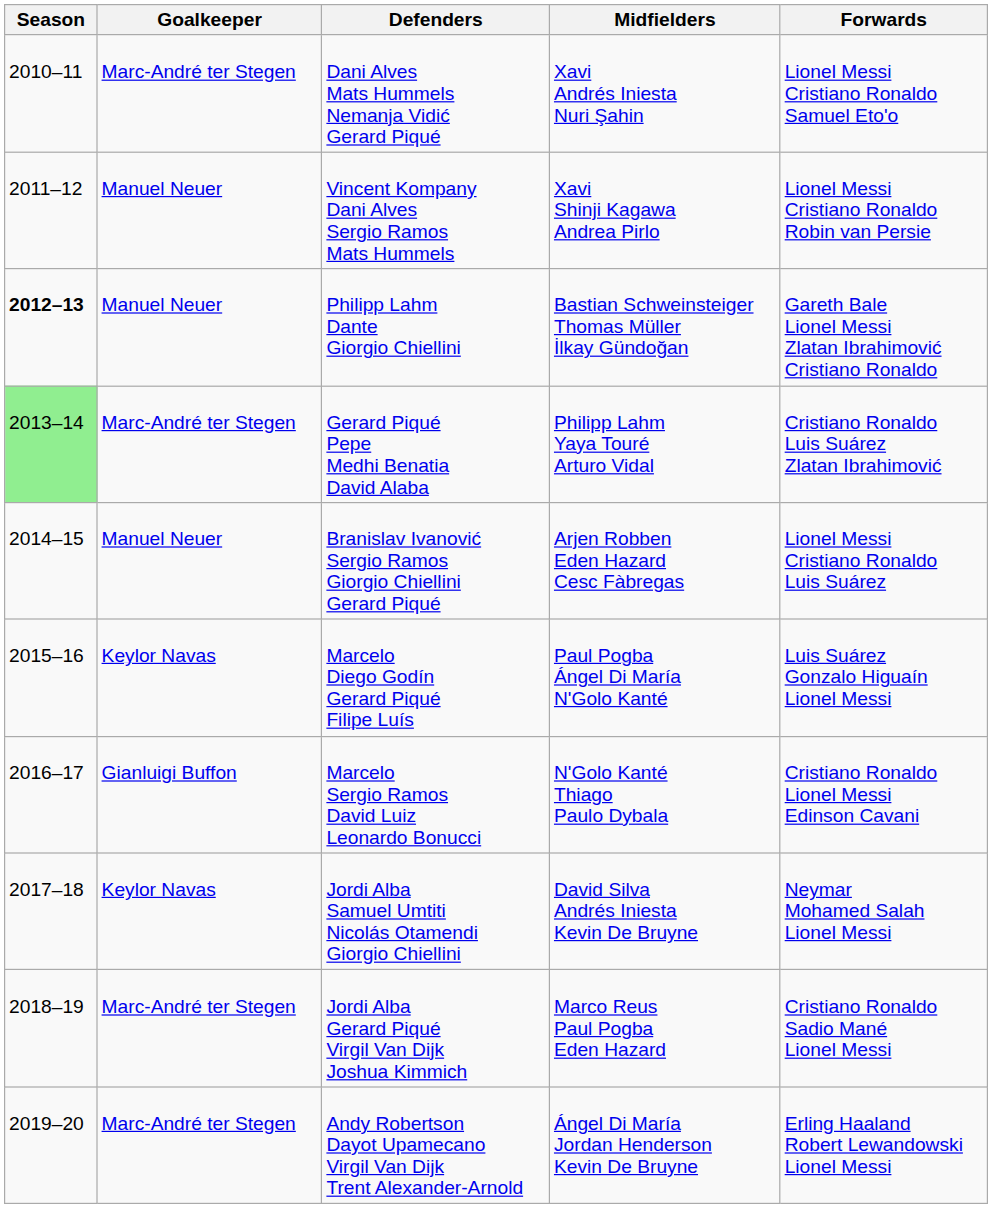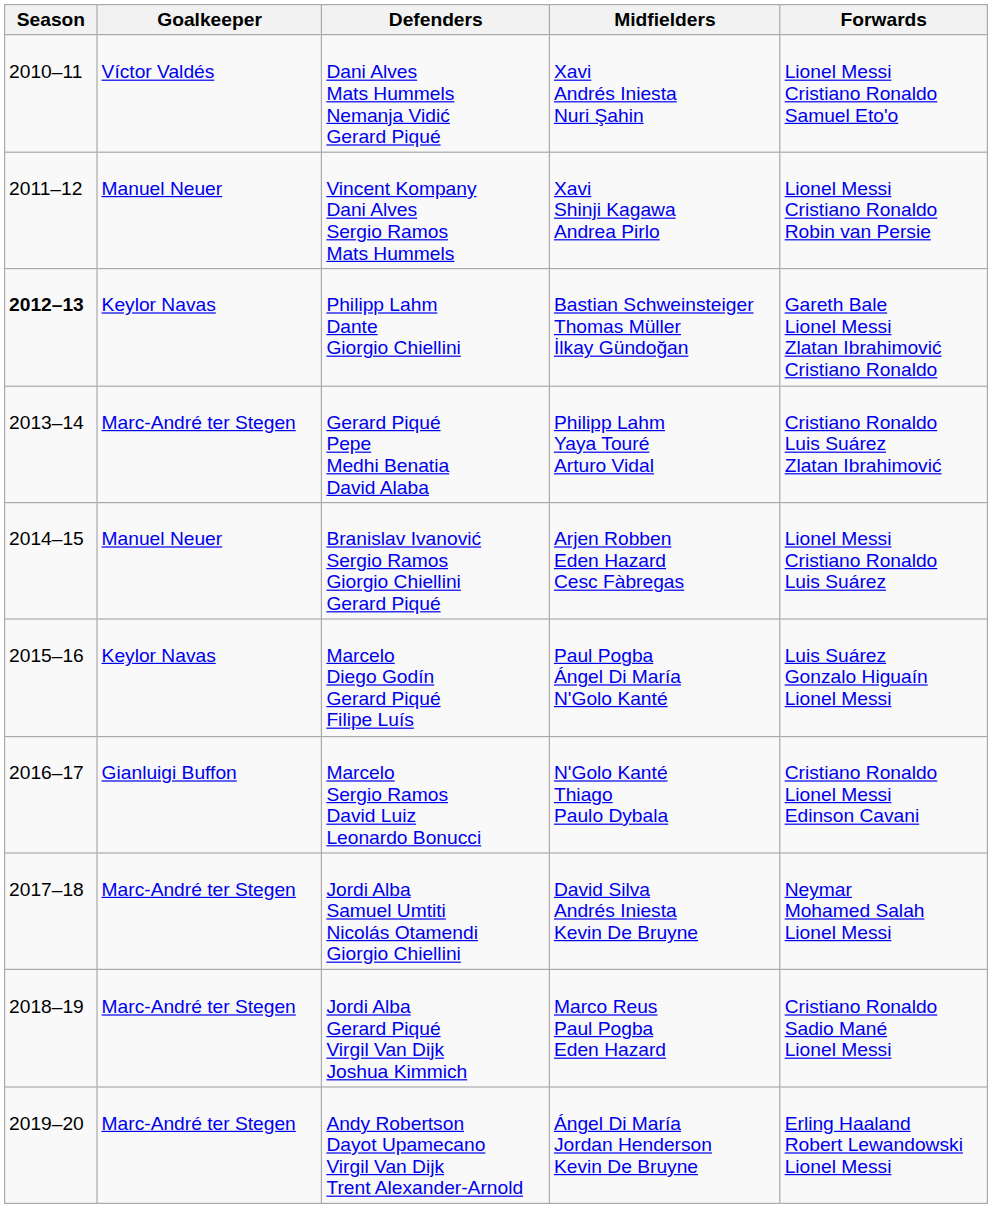 <table class="wikitable" width="820">
 <tr>
 <th>Season</th>
 <th>Goalkeeper</th>
 <th>Defenders</th>
 <th>Midfielders</th>
 <th>Forwards</th>
 </tr>
 <tr>
 <td valign=top><br>2010–11</td>
-<td valign=top><br> <a href='#'>Marc-André ter Stegen</a></td>
+<td valign=top><br> <a href='#'>Víctor Valdés</a></td>
 <td valign=top><br> <a href='#'>Dani Alves</a><br>  <a href='#'>Mats Hummels</a><br>  <a href='#'>Nemanja Vidić</a><br>  <a href='#'>Gerard Piqué</a></td>
 <td valign=top><br> <a href='#'>Xavi</a><br>  <a href='#'>Andrés Iniesta</a><br>  <a href='#'>Nuri Şahin</a></td>
 <td valign=top><br> <a href='#'>Lionel Messi</a><br>  <a href='#'>Cristiano Ronaldo</a><br>  <a href='#'>Samuel Eto'o</a></td>
 </tr>
 <tr>
 <td valign=top><br>2011–12</td>
 <td valign=top><br> <a href='#'>Manuel Neuer</a></td>
 <td valign=top><br> <a href='#'>Vincent Kompany</a><br>  <a href='#'>Dani Alves</a><br>  <a href='#'>Sergio Ramos</a><br>  <a href='#'>Mats Hummels</a></td>
 <td valign=top><br> <a href='#'>Xavi</a><br>  <a href='#'>Shinji Kagawa</a><br>  <a href='#'>Andrea Pirlo</a></td>
 <td valign=top><br> <a href='#'>Lionel Messi</a><br>  <a href='#'>Cristiano Ronaldo</a><br>  <a href='#'>Robin van Persie</a></td>
 </tr>
 <tr>
 <td valign=top><strong><br>2012–13</strong></td>
-<td valign=top><br> <a href='#'>Manuel Neuer</a></td>
+<td valign=top><br> <a href='#'>Keylor Navas</a></td>
 <td valign=top><br> <a href='#'>Philipp Lahm</a><br>  <a href='#'>Dante</a><br>  <a href='#'>Giorgio Chiellini</a></td>
 <td valign=top><br> <a href='#'>Bastian Schweinsteiger</a><br>  <a href='#'>Thomas Müller</a><br>  <a href='#'>İlkay Gündoğan</a></td>
 <td valign=top><br> <a href='#'>Gareth Bale</a><br>  <a href='#'>Lionel Messi</a><br>  <a href='#'>Zlatan Ibrahimović</a><br>  <a href='#'>Cristiano Ronaldo</a></td>
 </tr>
 <tr>
-<td valign=top style="background: lightgreen;"><br>2013–14</td>
+<td valign=top><br>2013–14</td>
 <td valign=top><br> <a href='#'>Marc-André ter Stegen</a></td>
 <td valign=top><br> <a href='#'>Gerard Piqué</a><br>  <a href='#'>Pepe</a><br>  <a href='#'>Medhi Benatia</a><br>  <a href='#'>David Alaba</a></td>
 <td valign=top><br> <a href='#'>Philipp Lahm</a><br>  <a href='#'>Yaya Touré</a><br>  <a href='#'>Arturo Vidal</a></td>
 <td valign=top><br> <a href='#'>Cristiano Ronaldo</a><br>  <a href='#'>Luis Suárez</a><br>  <a href='#'>Zlatan Ibrahimović</a></td>
 </tr>
 <tr>
 <td valign=top><br>2014–15</td>
 <td valign=top><br> <a href='#'>Manuel Neuer</a></td>
 <td valign=top><br> <a href='#'>Branislav Ivanović</a><br>  <a href='#'>Sergio Ramos</a><br>  <a href='#'>Giorgio Chiellini</a><br>  <a href='#'>Gerard Piqué</a></td>
 <td valign=top><br> <a href='#'>Arjen Robben</a><br>  <a href='#'>Eden Hazard</a><br>  <a href='#'>Cesc Fàbregas</a></td>
 <td valign=top><br> <a href='#'>Lionel Messi</a><br>  <a href='#'>Cristiano Ronaldo</a><br>  <a href='#'>Luis Suárez</a></td>
 </tr>
 <tr>
 <td valign=top><br>2015–16</td>
 <td valign=top><br> <a href='#'>Keylor Navas</a></td>
 <td valign=top><br> <a href='#'>Marcelo</a><br>  <a href='#'>Diego Godín</a><br>  <a href='#'>Gerard Piqué</a><br>  <a href='#'>Filipe Luís</a></td>
 <td valign=top><br> <a href='#'>Paul Pogba</a><br>  <a href='#'>Ángel Di María</a><br>  <a href='#'>N'Golo Kanté</a></td>
 <td valign=top><br> <a href='#'>Luis Suárez</a><br>  <a href='#'>Gonzalo Higuaín</a><br>  <a href='#'>Lionel Messi</a></td>
 </tr>
 <tr>
 <td valign=top><br>2016–17</td>
 <td valign=top><br> <a href='#'>Gianluigi Buffon</a></td>
 <td valign=top><br> <a href='#'>Marcelo</a><br>  <a href='#'>Sergio Ramos</a><br>  <a href='#'>David Luiz</a><br>  <a href='#'>Leonardo Bonucci</a></td>
 <td valign=top><br> <a href='#'>N'Golo Kanté</a><br>  <a href='#'>Thiago</a><br>  <a href='#'>Paulo Dybala</a><br></td>
 <td valign=top><br> <a href='#'>Cristiano Ronaldo</a><br>  <a href='#'>Lionel Messi</a><br>  <a href='#'>Edinson Cavani</a></td>
 </tr>
 <tr>
 <td valign=top><br>2017–18</td>
-<td valign=top><br> <a href='#'>Keylor Navas</a></td>
+<td valign=top><br> <a href='#'>Marc-André ter Stegen</a></td>
 <td valign=top><br> <a href='#'>Jordi Alba</a><br>  <a href='#'>Samuel Umtiti</a><br>  <a href='#'>Nicolás Otamendi</a><br>  <a href='#'>Giorgio Chiellini</a></td>
 <td valign=top><br> <a href='#'>David Silva</a><br>  <a href='#'>Andrés Iniesta</a><br>  <a href='#'>Kevin De Bruyne</a></td>
 <td valign=top><br> <a href='#'>Neymar</a><br>  <a href='#'>Mohamed Salah</a><br>  <a href='#'>Lionel Messi</a></td>
 </tr>
 <tr>
 <td valign=top><br>2018–19</td>
 <td valign=top><br> <a href='#'>Marc-André ter Stegen</a></td>
 <td valign=top><br> <a href='#'>Jordi Alba</a><br>  <a href='#'>Gerard Piqué</a><br>  <a href='#'>Virgil Van Dijk</a><br>  <a href='#'>Joshua Kimmich</a></td>
 <td valign=top><br> <a href='#'>Marco Reus</a><br> <a href='#'>Paul Pogba</a><br> <a href='#'>Eden Hazard</a></td>
 <td valign=top><br> <a href='#'>Cristiano Ronaldo</a><br> <a href='#'>Sadio Mané</a><br> <a href='#'>Lionel Messi</a></td>
 </tr>
 <tr>
 <td valign=top><br>2019–20</td>
 <td valign=top><br> <a href='#'>Marc-André ter Stegen</a></td>
 <td valign=top><br> <a href='#'>Andy Robertson</a><br>  <a href='#'>Dayot Upamecano</a><br>  <a href='#'>Virgil Van Dijk</a><br>  <a href='#'>Trent Alexander-Arnold</a></td>
 <td valign=top><br> <a href='#'>Ángel Di María</a><br>  <a href='#'>Jordan Henderson</a><br>  <a href='#'>Kevin De Bruyne</a></td>
 <td valign=top><br> <a href='#'>Erling Haaland</a><br>  <a href='#'>Robert Lewandowski</a><br>  <a href='#'>Lionel Messi</a></td>
 </tr>
 </table>
